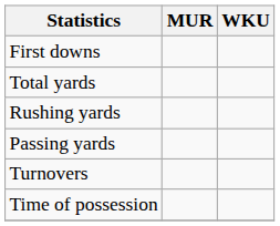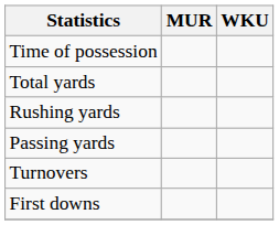 <table class="wikitable" style="float: left;">
 <tr>
 <th>Statistics</th>
 <th>MUR</th>
 <th>WKU</th>
 </tr>
 <tr>
-<td>First downs</td>
+<td>Time of possession</td>
 <td></td>
 <td></td>
 </tr>
 <tr>
 <td>Total yards</td>
 <td></td>
 <td></td>
 </tr>
 <tr>
 <td>Rushing yards</td>
 <td></td>
 <td></td>
 </tr>
 <tr>
 <td>Passing yards</td>
 <td></td>
 <td></td>
 </tr>
 <tr>
 <td>Turnovers</td>
 <td></td>
 <td></td>
 </tr>
 <tr>
-<td>Time of possession</td>
+<td>First downs</td>
 <td></td>
 <td></td>
 </tr>
 <tr>
 </tr>
 </table>
